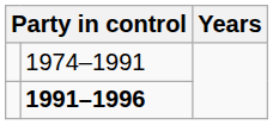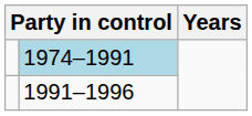 <table class="wikitable">
 <tr>
 <th colspan="2">Party in control</th>
 <th>Years</th>
 </tr>
 <tr>
 <td></td>
-<td>1974–1991</td>
+<td style="background: lightblue;">1974–1991</td>
 </tr>
 <tr>
 <td></td>
-<td><strong>1991–1996</strong></td>
+<td>1991–1996</td>
 </tr>
 </table>
